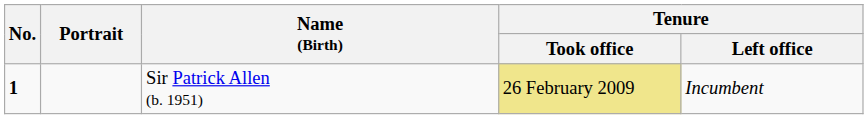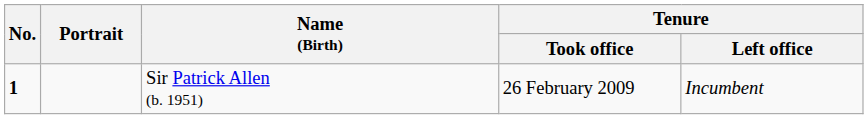 <table class="wikitable">
 <tr>
 <th scope="col" style="width:20px;" rowspan="2">No.</th>
 <th scope="col" style="width:80px;" rowspan="2">Portrait</th>
 <th scope="col" style="width:300px;" rowspan="2">Name<br><small>(Birth)</small></th>
 <th scope="col" style="width:300px;" colspan="2">Tenure</th>
 </tr>
 <tr>
 <th scope="col" style="width:150px;">Took office</th>
 <th scope="col" style="width:150px;">Left office</th>
 </tr>
 <tr>
 <td><strong>1</strong></td>
 <td style="text-align: center;"></td>
 <td>Sir <a href='#'>Patrick Allen</a><br><small>(b. 1951)</small></td>
-<td style="background: khaki;">26 February 2009</td>
+<td>26 February 2009</td>
 <td><em>Incumbent</em></td>
 </tr>
 </table>
